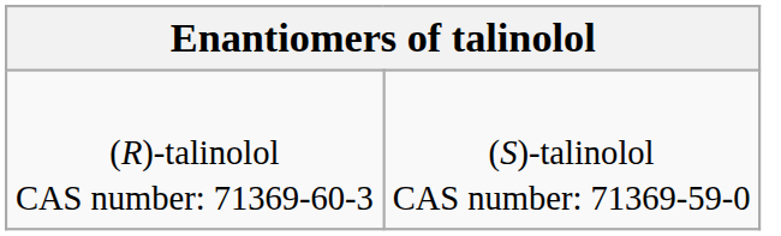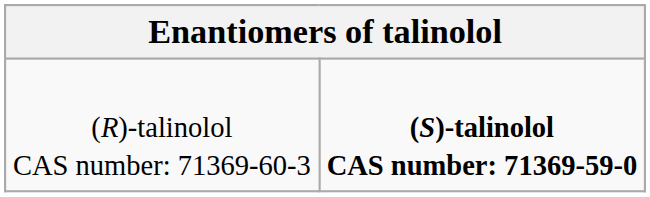 <table class="wikitable" style="text-align:center">
 <tr class="hintergrundfarbe6">
 <th colspan="2">Enantiomers of talinolol</th>
 </tr>
 <tr>
 <td><br><small> (<em>R</em>)-talinolol<br>CAS number: 71369-60-3</small></td>
-<td><br><small> (<em>S</em>)-talinolol<br>CAS number: 71369-59-0</small></td>
+<td><strong><br><small> (<em>S</em>)-talinolol<br>CAS number: 71369-59-0</small></strong></td>
 </tr>
 </table>
